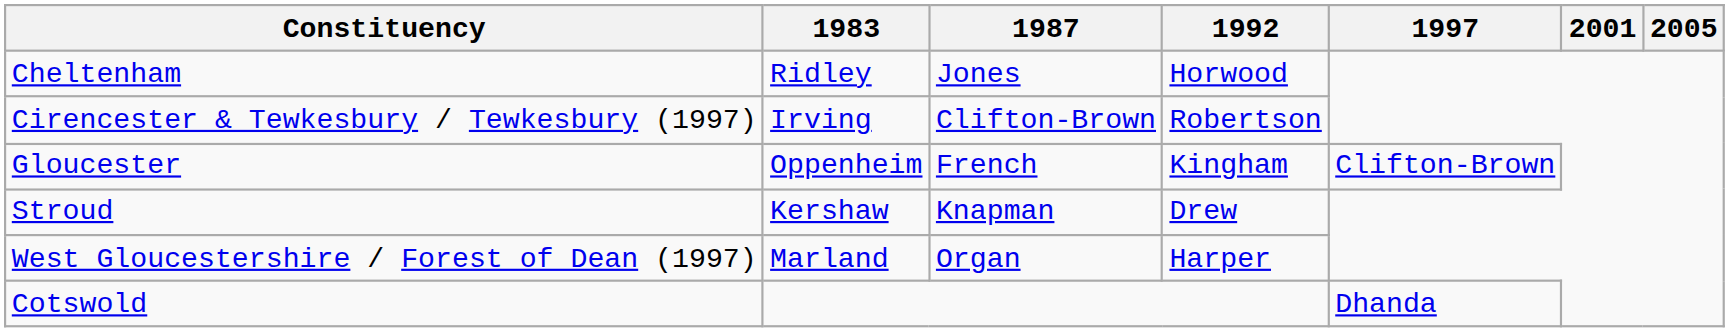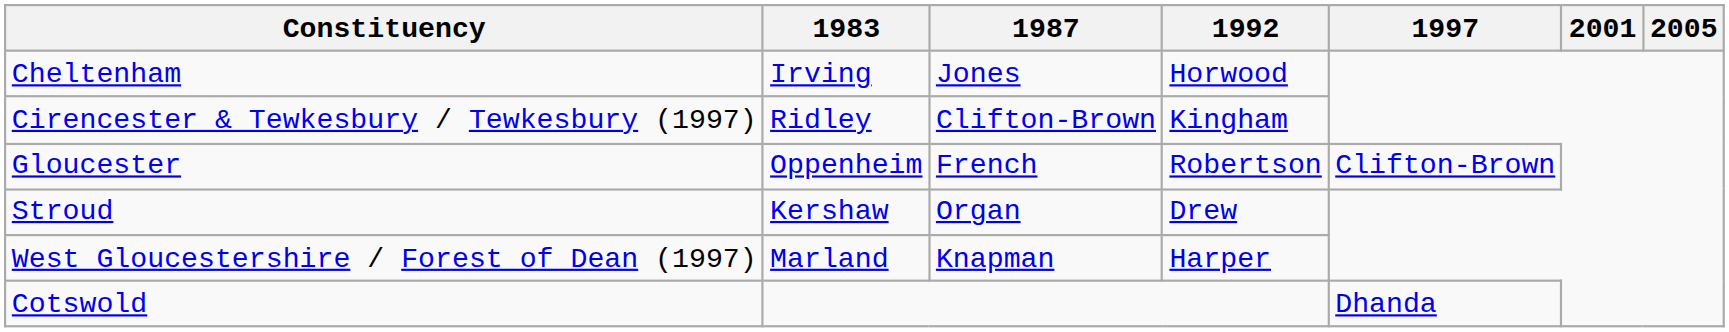 <table class="wikitable">
 <tr>
 <th>Constituency</th>
 <th>1983</th>
 <th>1987</th>
 <th>1992</th>
 <th>1997</th>
 <th>2001</th>
 <th>2005</th>
 </tr>
 <tr>
 <td><a href='#'>Cheltenham</a></td>
-<td><a href='#'>Ridley</a></td>
+<td><a href='#'>Irving</a></td>
 <td><a href='#'>Jones</a></td>
 <td><a href='#'>Horwood</a></td>
 </tr>
 <tr>
 <td><a href='#'>Cirencester & Tewkesbury</a> / <a href='#'>Tewkesbury</a> (1997)</td>
-<td><a href='#'>Irving</a></td>
+<td><a href='#'>Ridley</a></td>
 <td><a href='#'>Clifton-Brown</a></td>
-<td><a href='#'>Robertson</a></td>
+<td><a href='#'>Kingham</a></td>
 </tr>
 <tr>
 <td><a href='#'>Gloucester</a></td>
 <td><a href='#'>Oppenheim</a></td>
 <td><a href='#'>French</a></td>
-<td><a href='#'>Kingham</a></td>
+<td><a href='#'>Robertson</a></td>
 <td><a href='#'>Clifton-Brown</a></td>
 </tr>
 <tr>
 <td><a href='#'>Stroud</a></td>
 <td><a href='#'>Kershaw</a></td>
-<td><a href='#'>Knapman</a></td>
+<td><a href='#'>Organ</a></td>
 <td><a href='#'>Drew</a></td>
 </tr>
 <tr>
 <td><a href='#'>West Gloucestershire</a> / <a href='#'>Forest of Dean</a> (1997)</td>
 <td><a href='#'>Marland</a></td>
-<td><a href='#'>Organ</a></td>
+<td><a href='#'>Knapman</a></td>
 <td><a href='#'>Harper</a></td>
 </tr>
 <tr>
 <td><a href='#'>Cotswold</a></td>
 <td colspan="3"></td>
 <td><a href='#'>Dhanda</a></td>
 </tr>
 </table>
